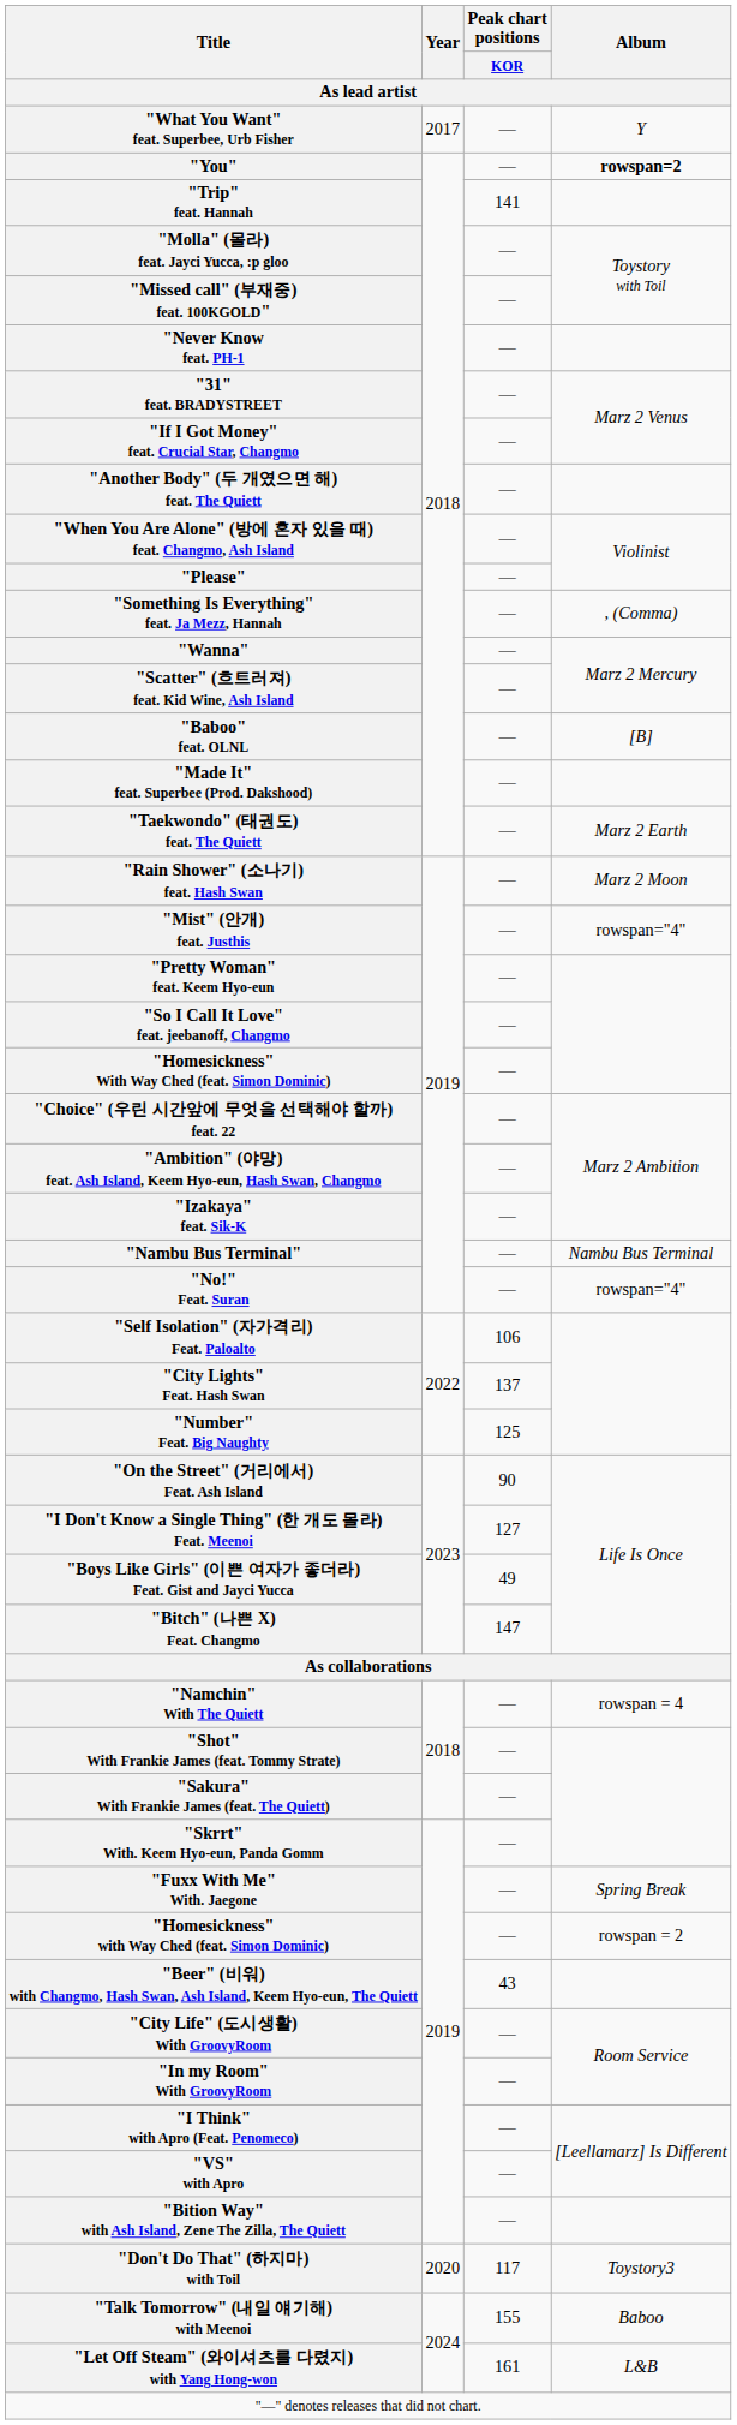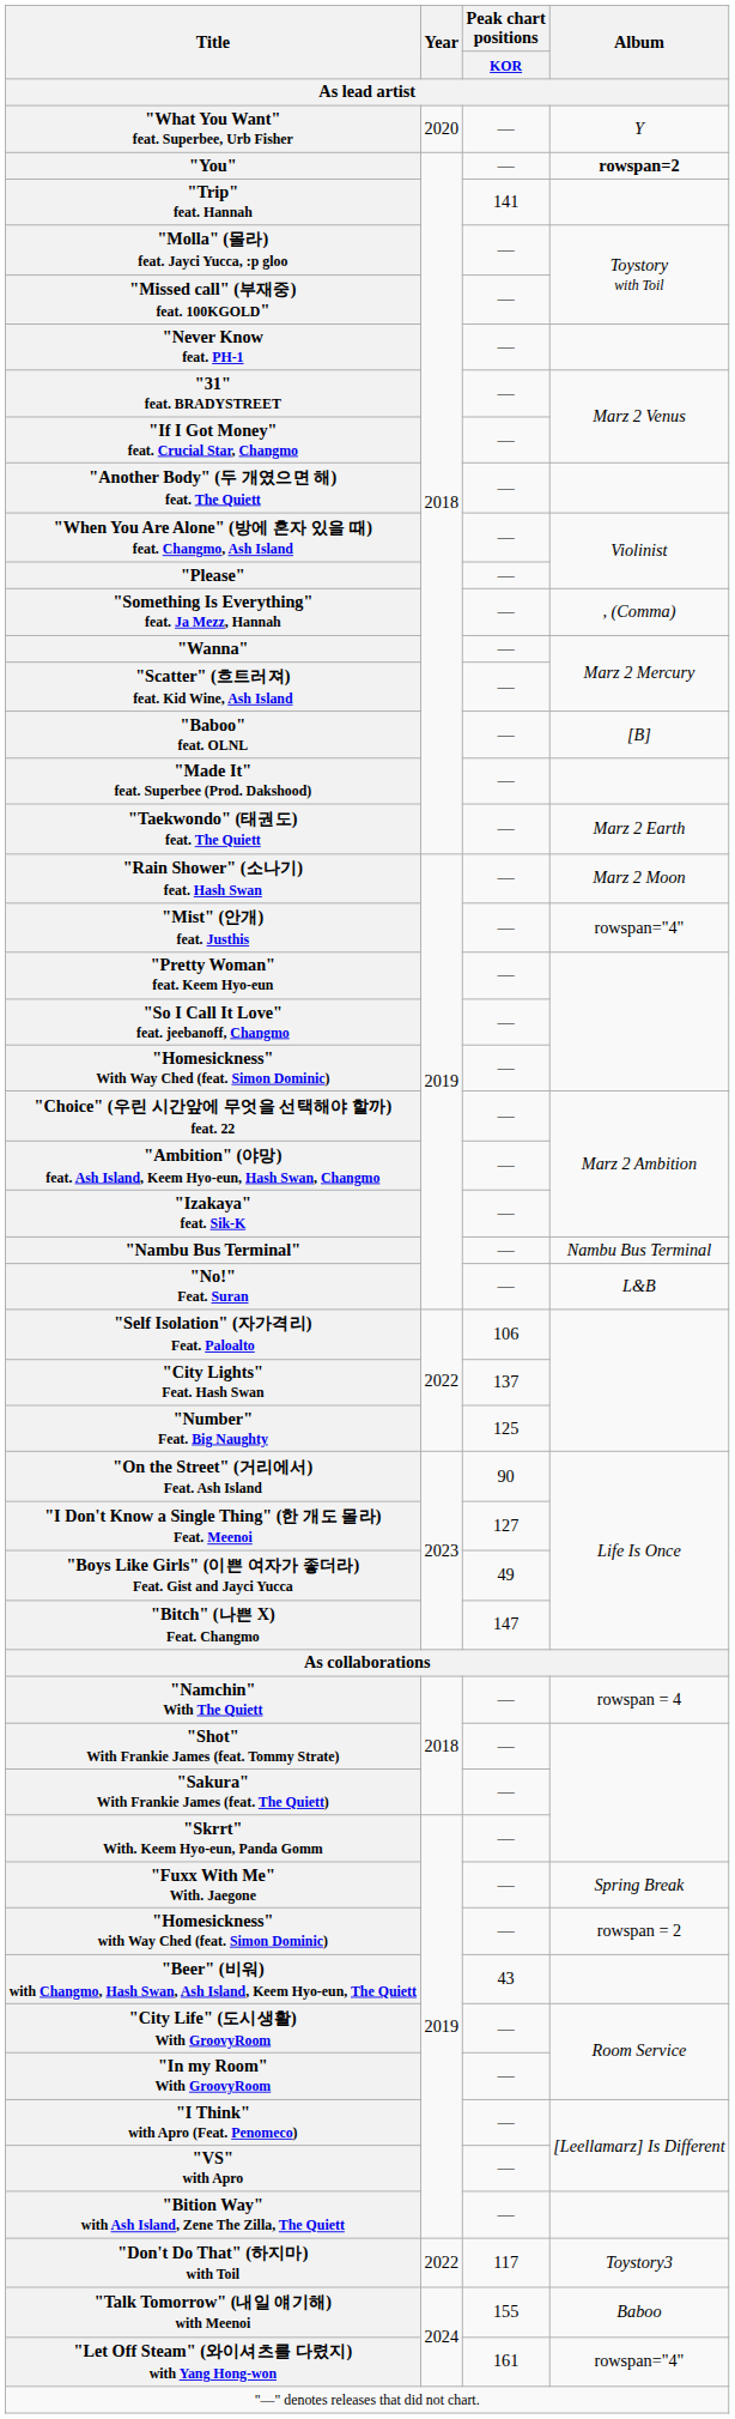 <table class="wikitable plainrowheaders" style="text-align:center;">
 <tr>
 <th scope="col" rowspan="2">Title</th>
 <th scope="col" rowspan="2">Year</th>
 <th scope="col" colspan="1">Peak chart <br> positions</th>
 <th scope="col" rowspan="2">Album</th>
 </tr>
 <tr>
 <th><small><a href='#'>KOR</a></small><br></th>
 </tr>
 <tr>
 <th scope="col" colspan="5">As lead artist</th>
 </tr>
 <tr>
 <th scope="row">"What You Want" <br><small>feat. Superbee, Urb Fisher</small></th>
-<td>2017</td>
+<td>2020</td>
 <td>—</td>
 <td><em>Y</em></td>
 </tr>
 <tr>
 <th scope="row">"You"</th>
 <td rowspan=16>2018</td>
 <td>—</td>
 <td><strong>rowspan=2 </strong></td>
 </tr>
 <tr>
 <th scope="row">"Trip" <br><small>feat. Hannah</small></th>
 <td>141</td>
 </tr>
 <tr>
 <th scope="row">"Molla" (몰라) <br><small>feat. Jayci Yucca, :p gloo</small></th>
 <td>—</td>
 <td rowspan=2><em>Toystory<br><small>with Toil</small></em></td>
 </tr>
 <tr>
 <th scope="row">"Missed call" (부재중) <br><small>feat. 100KGOLD</small>"</th>
 <td>—</td>
 </tr>
 <tr>
 <th scope="row">"Never Know <br><small>feat. <a href='#'>PH-1</a></small></th>
 <td>—</td>
 <td></td>
 </tr>
 <tr>
 <th scope="row">"31" <br><small>feat. BRADYSTREET</small></th>
 <td>—</td>
 <td rowspan=2><em>Marz 2 Venus</em></td>
 </tr>
 <tr>
 <th scope="row">"If I Got Money" <br><small>feat. <a href='#'>Crucial Star</a>, <a href='#'>Changmo</a></small></th>
 <td>—</td>
 </tr>
 <tr>
 <th scope="row">"Another Body" (두 개였으면 해) <br><small>feat. <a href='#'>The Quiett</a></small></th>
 <td>—</td>
 <td></td>
 </tr>
 <tr>
 <th scope="row">"When You Are Alone" (방에 혼자 있을 때) <br><small>feat. <a href='#'>Changmo</a>, <a href='#'>Ash Island</a></small></th>
 <td>—</td>
 <td rowspan = 2><em>Violinist</em></td>
 </tr>
 <tr>
 <th scope="row">"Please"</th>
 <td>—</td>
 </tr>
 <tr>
 <th scope="row">"Something Is Everything"<br><small>feat. <a href='#'>Ja Mezz</a>, Hannah</small></th>
 <td>—</td>
 <td><em>, (Comma)</em></td>
 </tr>
 <tr>
 <th scope="row">"Wanna"</th>
 <td>—</td>
 <td rowspan=2><em>Marz 2 Mercury</em></td>
 </tr>
 <tr>
 <th scope="row">"Scatter" (흐트러져) <br><small>feat. Kid Wine, <a href='#'>Ash Island</a></small></th>
 <td>—</td>
 </tr>
 <tr>
 <th scope="row">"Baboo" <br><small>feat. OLNL</small></th>
 <td>—</td>
 <td><em>[B]</em></td>
 </tr>
 <tr>
 <th scope="row">"Made It" <br><small>feat. Superbee (Prod. Dakshood)</small></th>
 <td>—</td>
 <td></td>
 </tr>
 <tr>
 <th scope="row">"Taekwondo" (태권도) <br><small>feat. <a href='#'>The Quiett</a></small></th>
 <td>—</td>
 <td><em>Marz 2 Earth</em></td>
 </tr>
 <tr>
 <th scope="row">"Rain Shower" (소나기) <br><small>feat. <a href='#'>Hash Swan</a></small></th>
 <td rowspan=10>2019</td>
 <td>—</td>
 <td><em>Marz 2 Moon</em></td>
 </tr>
 <tr>
 <th scope="row">"Mist" (안개) <br><small>feat. <a href='#'>Justhis</a></small></th>
 <td>—</td>
 <td>rowspan="4" </td>
 </tr>
 <tr>
 <th scope="row">"Pretty Woman" <br><small>feat. Keem Hyo-eun</small></th>
 <td>—</td>
 </tr>
 <tr>
 <th scope="row">"So I Call It Love" <br><small>feat. jeebanoff, <a href='#'>Changmo</a></small></th>
 <td>—</td>
 </tr>
 <tr>
 <th scope="row">"Homesickness" <br><small>With Way Ched (feat. <a href='#'>Simon Dominic</a>)</small></th>
 <td>—</td>
 </tr>
 <tr>
 <th scope="row">"Choice" (우린 시간앞에 무엇을 선택해야 할까) <br><small>feat. 22</small></th>
 <td>—</td>
 <td rowspan = 3><em>Marz 2 Ambition</em></td>
 </tr>
 <tr>
 <th scope="row">"Ambition" (야망) <br><small>feat. <a href='#'>Ash Island</a>, Keem Hyo-eun, <a href='#'>Hash Swan</a>, <a href='#'>Changmo</a></small></th>
 <td>—</td>
 </tr>
 <tr>
 <th scope="row">"Izakaya" <br><small>feat. <a href='#'>Sik-K</a></small></th>
 <td>—</td>
 </tr>
 <tr>
 <th scope="row">"Nambu Bus Terminal"</th>
 <td>—</td>
 <td><em>Nambu Bus Terminal</em></td>
 </tr>
 <tr>
 <th scope="row">"No!" <br><small>Feat. <a href='#'>Suran</a></small></th>
 <td>—</td>
-<td>rowspan="4" </td>
+<td><em>L&B</em></td>
 </tr>
 <tr>
 <th scope="row">"Self Isolation" (자가격리) <br><small>Feat. <a href='#'>Paloalto</a></small></th>
 <td rowspan="3">2022</td>
 <td>106</td>
 </tr>
 <tr>
 <th scope="row">"City Lights" <br><small>Feat. Hash Swan</small></th>
 <td>137</td>
 </tr>
 <tr>
 <th scope="row">"Number" <br><small>Feat. <a href='#'>Big Naughty</a></small></th>
 <td>125</td>
 </tr>
 <tr>
 <th scope="row">"On the Street" (거리에서) <br><small>Feat. Ash Island</small></th>
 <td rowspan="4">2023</td>
 <td>90</td>
 <td rowspan="4"><em>Life Is Once</em></td>
 </tr>
 <tr>
 <th scope="row">"I Don't Know a Single Thing" (한 개도 몰라) <br><small>Feat. <a href='#'>Meenoi</a></small></th>
 <td>127</td>
 </tr>
 <tr>
 <th scope="row">"Boys Like Girls" (이쁜 여자가 좋더라) <br><small>Feat. Gist and Jayci Yucca</small></th>
 <td>49</td>
 </tr>
 <tr>
 <th scope="row">"Bitch" (나쁜 X) <br><small>Feat. Changmo</small></th>
 <td>147</td>
 </tr>
 <tr>
 <th scope="col" colspan="5">As collaborations</th>
 </tr>
 <tr>
 <th scope="row">"Namchin" <br><small>With <a href='#'>The Quiett</a></small></th>
 <td rowspan = 3>2018</td>
 <td>—</td>
 <td>rowspan = 4 </td>
 </tr>
 <tr>
 <th scope="row">"Shot" <br><small>With Frankie James (feat. Tommy Strate)</small></th>
 <td>—</td>
 </tr>
 <tr>
 <th scope="row">"Sakura" <br><small>With Frankie James (feat. <a href='#'>The Quiett</a>)</small></th>
 <td>—</td>
 </tr>
 <tr>
 <th scope="row">"Skrrt" <br><small>With. Keem Hyo-eun, Panda Gomm</small></th>
 <td rowspan = 9>2019</td>
 <td>—</td>
 </tr>
 <tr>
 <th scope="row">"Fuxx With Me" <br><small>With. Jaegone</small></th>
 <td>—</td>
 <td><em>Spring Break</em></td>
 </tr>
 <tr>
 <th scope="row">"Homesickness" <br><small>with Way Ched (feat. <a href='#'>Simon Dominic</a>)</small></th>
 <td>—</td>
 <td>rowspan = 2 </td>
 </tr>
 <tr>
 <th scope="row">"Beer" (비워) <br><small>with <a href='#'>Changmo</a>, <a href='#'>Hash Swan</a>, <a href='#'>Ash Island</a>, Keem Hyo-eun, <a href='#'>The Quiett</a></small></th>
 <td>43</td>
 </tr>
 <tr>
 <th scope="row">"City Life" (도시생활) <br><small>With <a href='#'>GroovyRoom</a></small></th>
 <td>—</td>
 <td rowspan = 2><em>Room Service</em></td>
 </tr>
 <tr>
 <th scope="row">"In my Room" <br><small>With <a href='#'>GroovyRoom</a></small></th>
 <td>—</td>
 </tr>
 <tr>
 <th scope="row">"I Think" <br><small>with Apro (Feat. <a href='#'>Penomeco</a>)</small></th>
 <td>—</td>
 <td rowspan = 2><em>[Leellamarz] Is Different</em></td>
 </tr>
 <tr>
 <th scope="row">"VS" <br><small>with Apro</small></th>
 <td>—</td>
 </tr>
 <tr>
 <th scope="row">"Bition Way" <br><small>with <a href='#'>Ash Island</a>, Zene The Zilla, <a href='#'>The Quiett</a></small></th>
 <td>—</td>
 <td></td>
 </tr>
 <tr>
 <th scope="row">"Don't Do That" (하지마) <br><small>with Toil</small></th>
-<td>2020</td>
+<td>2022</td>
 <td>117</td>
 <td><em>Toystory3</em></td>
 </tr>
 <tr>
 <th scope="row">"Talk Tomorrow" (내일 얘기해) <br><small>with Meenoi</small></th>
 <td rowspan="2">2024</td>
 <td>155</td>
 <td><em>Baboo</em></td>
 </tr>
 <tr>
 <th scope="row">"Let Off Steam" (와이셔츠를 다렸지) <br><small>with <a href='#'>Yang Hong-won</a></small></th>
 <td>161</td>
-<td><em>L&B</em></td>
+<td>rowspan="4" </td>
 </tr>
 <tr>
 <td colspan="5" align="center"><small>"—" denotes releases that did not chart.</small></td>
 </tr>
 </table>
